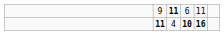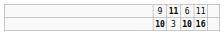 <table class="wikitable">
 <tr>
 <td style="width:18em"></td>
 <td align=center style="width:1em">9</td>
 <td align=center style="width:1em"><strong>11</strong></td>
 <td align=center style="width:1em">6</td>
 <td align=center style="width:1em">11</td>
 <td align=center style="width:1em"></td>
 </tr>
 <tr>
 <td style="width:18em"></td>
-<td align=center style="width:1em"><strong>11</strong></td>
-<td align=center style="width:1em">4</td>
+<td align=center style="width:1em"><strong>10</strong></td>
+<td align=center style="width:1em">3</td>
 <td align=center style="width:1em"><strong>10</strong></td>
 <td align=center style="width:1em"><strong>16</strong></td>
 <td align=center style="width:1em"></td>
 </tr>
 </table>
